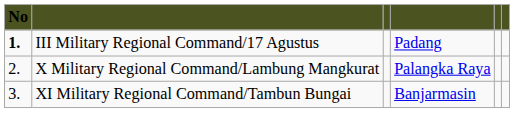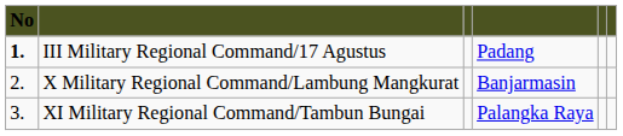 <table class="wikitable">
 <tr bgcolor="#4B5320">
 <td><span><strong>No</strong></span></td>
 <td></td>
 <td></td>
 <td></td>
 <td></td>
 <td></td>
 </tr>
 <tr>
 <td><strong>1.</strong></td>
 <td>III Military Regional Command/17 Agustus</td>
 <td><div></div></td>
 <td><div><a href='#'>Padang</a></div></td>
 <td></td>
 <td></td>
 </tr>
 <tr>
 <td>2.</td>
 <td>X Military Regional Command/Lambung Mangkurat</td>
 <td></td>
-<td><div><a href='#'>Palangka Raya</a></div></td>
+<td><div><a href='#'>Banjarmasin</a></div></td>
 <td></td>
 <td></td>
 </tr>
 <tr>
 <td>3.</td>
 <td>XI Military Regional Command/Tambun Bungai</td>
 <td></td>
-<td><div><a href='#'>Banjarmasin</a></div></td>
+<td><div><a href='#'>Palangka Raya</a></div></td>
 <td></td>
 <td></td>
 </tr>
 </table>
